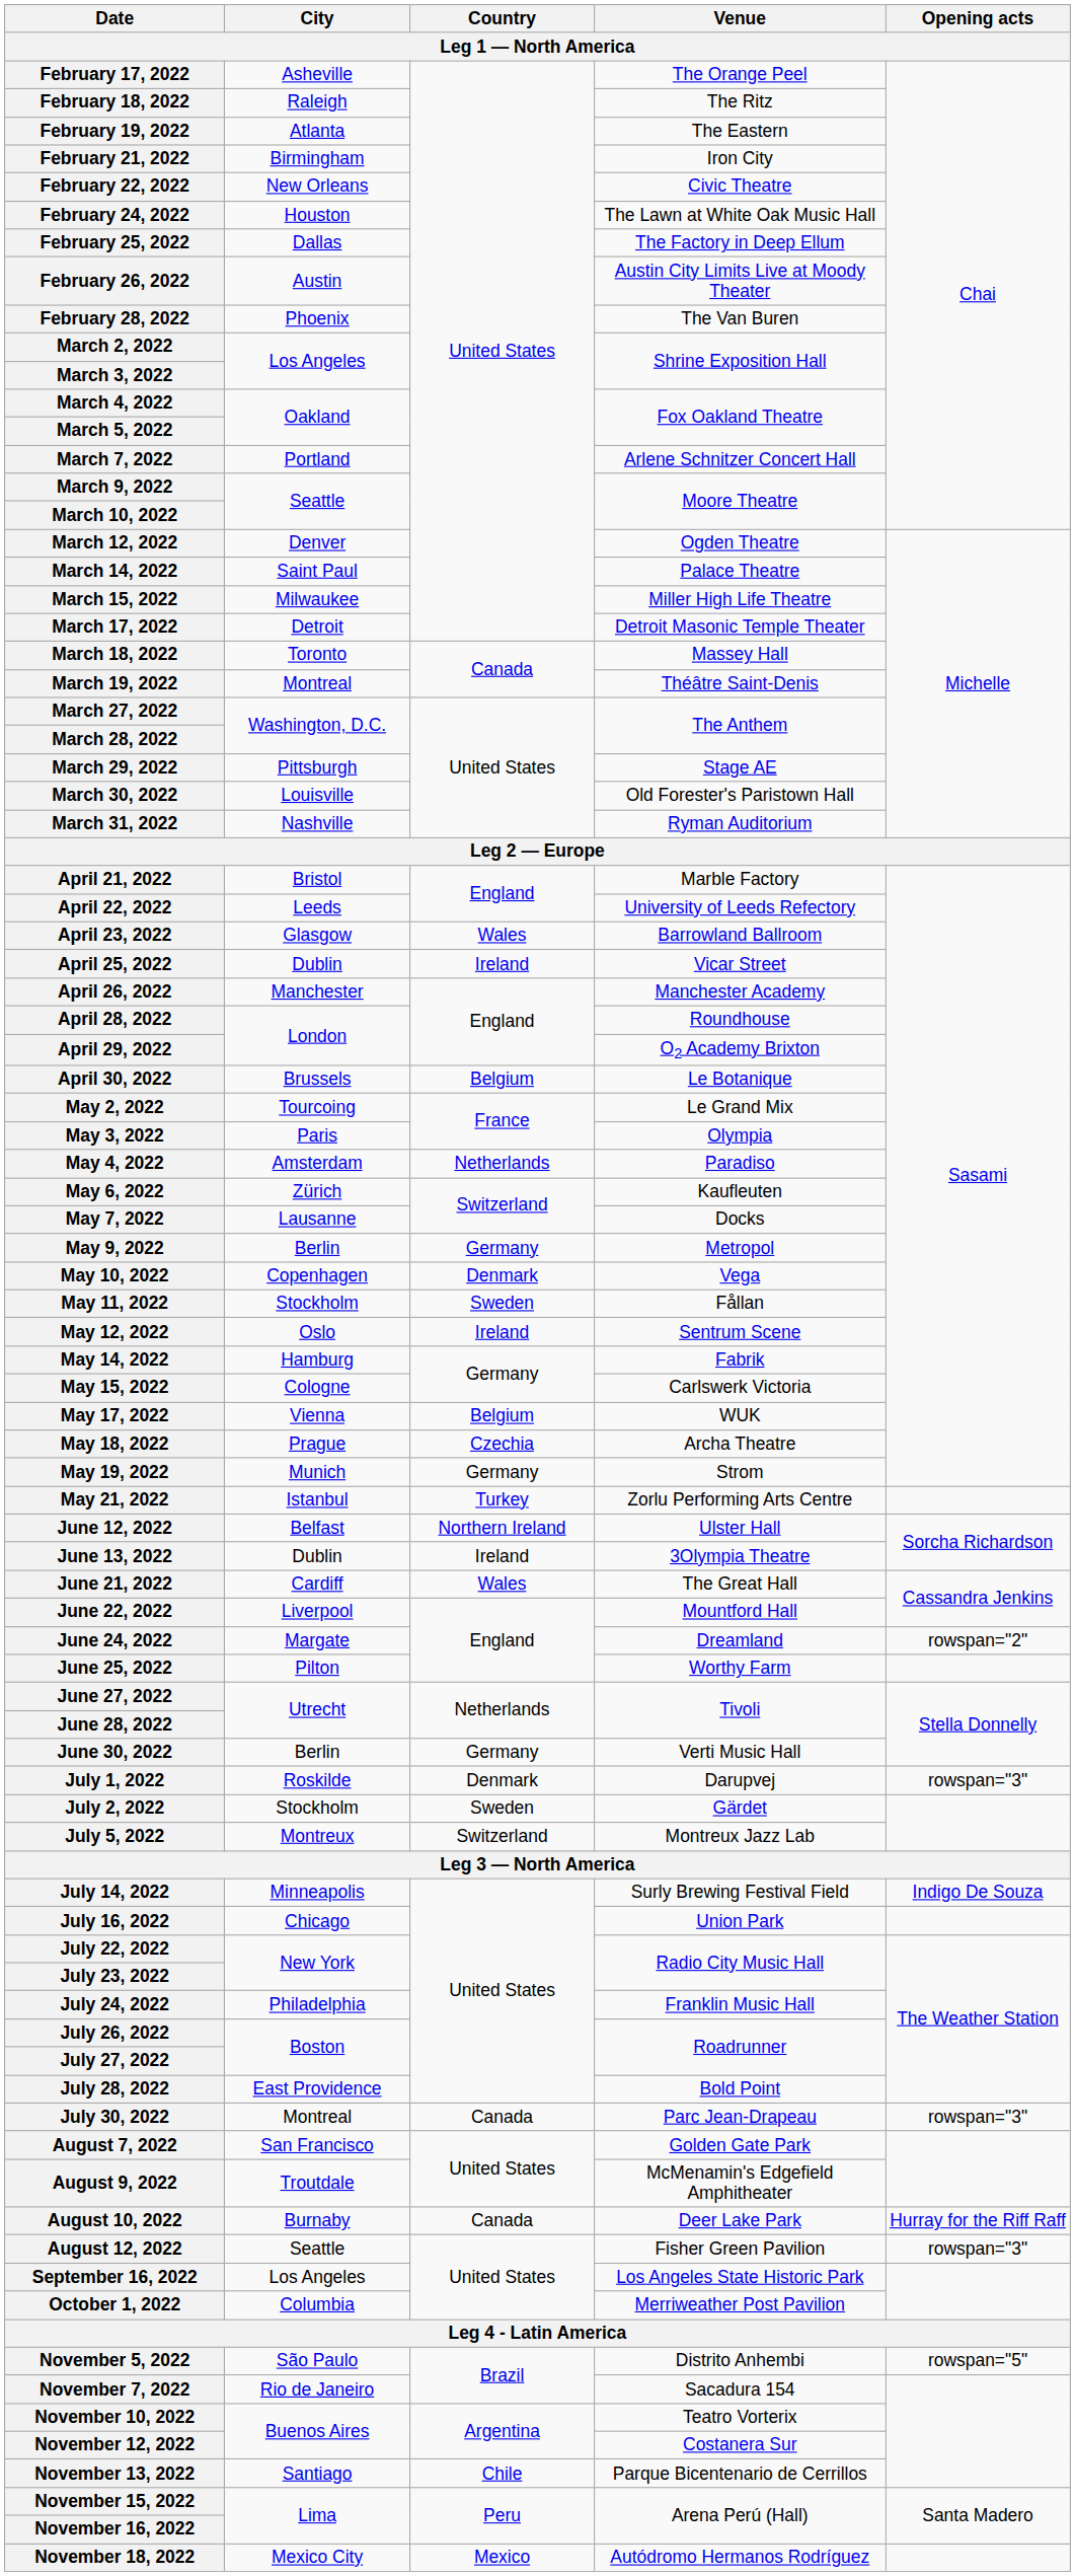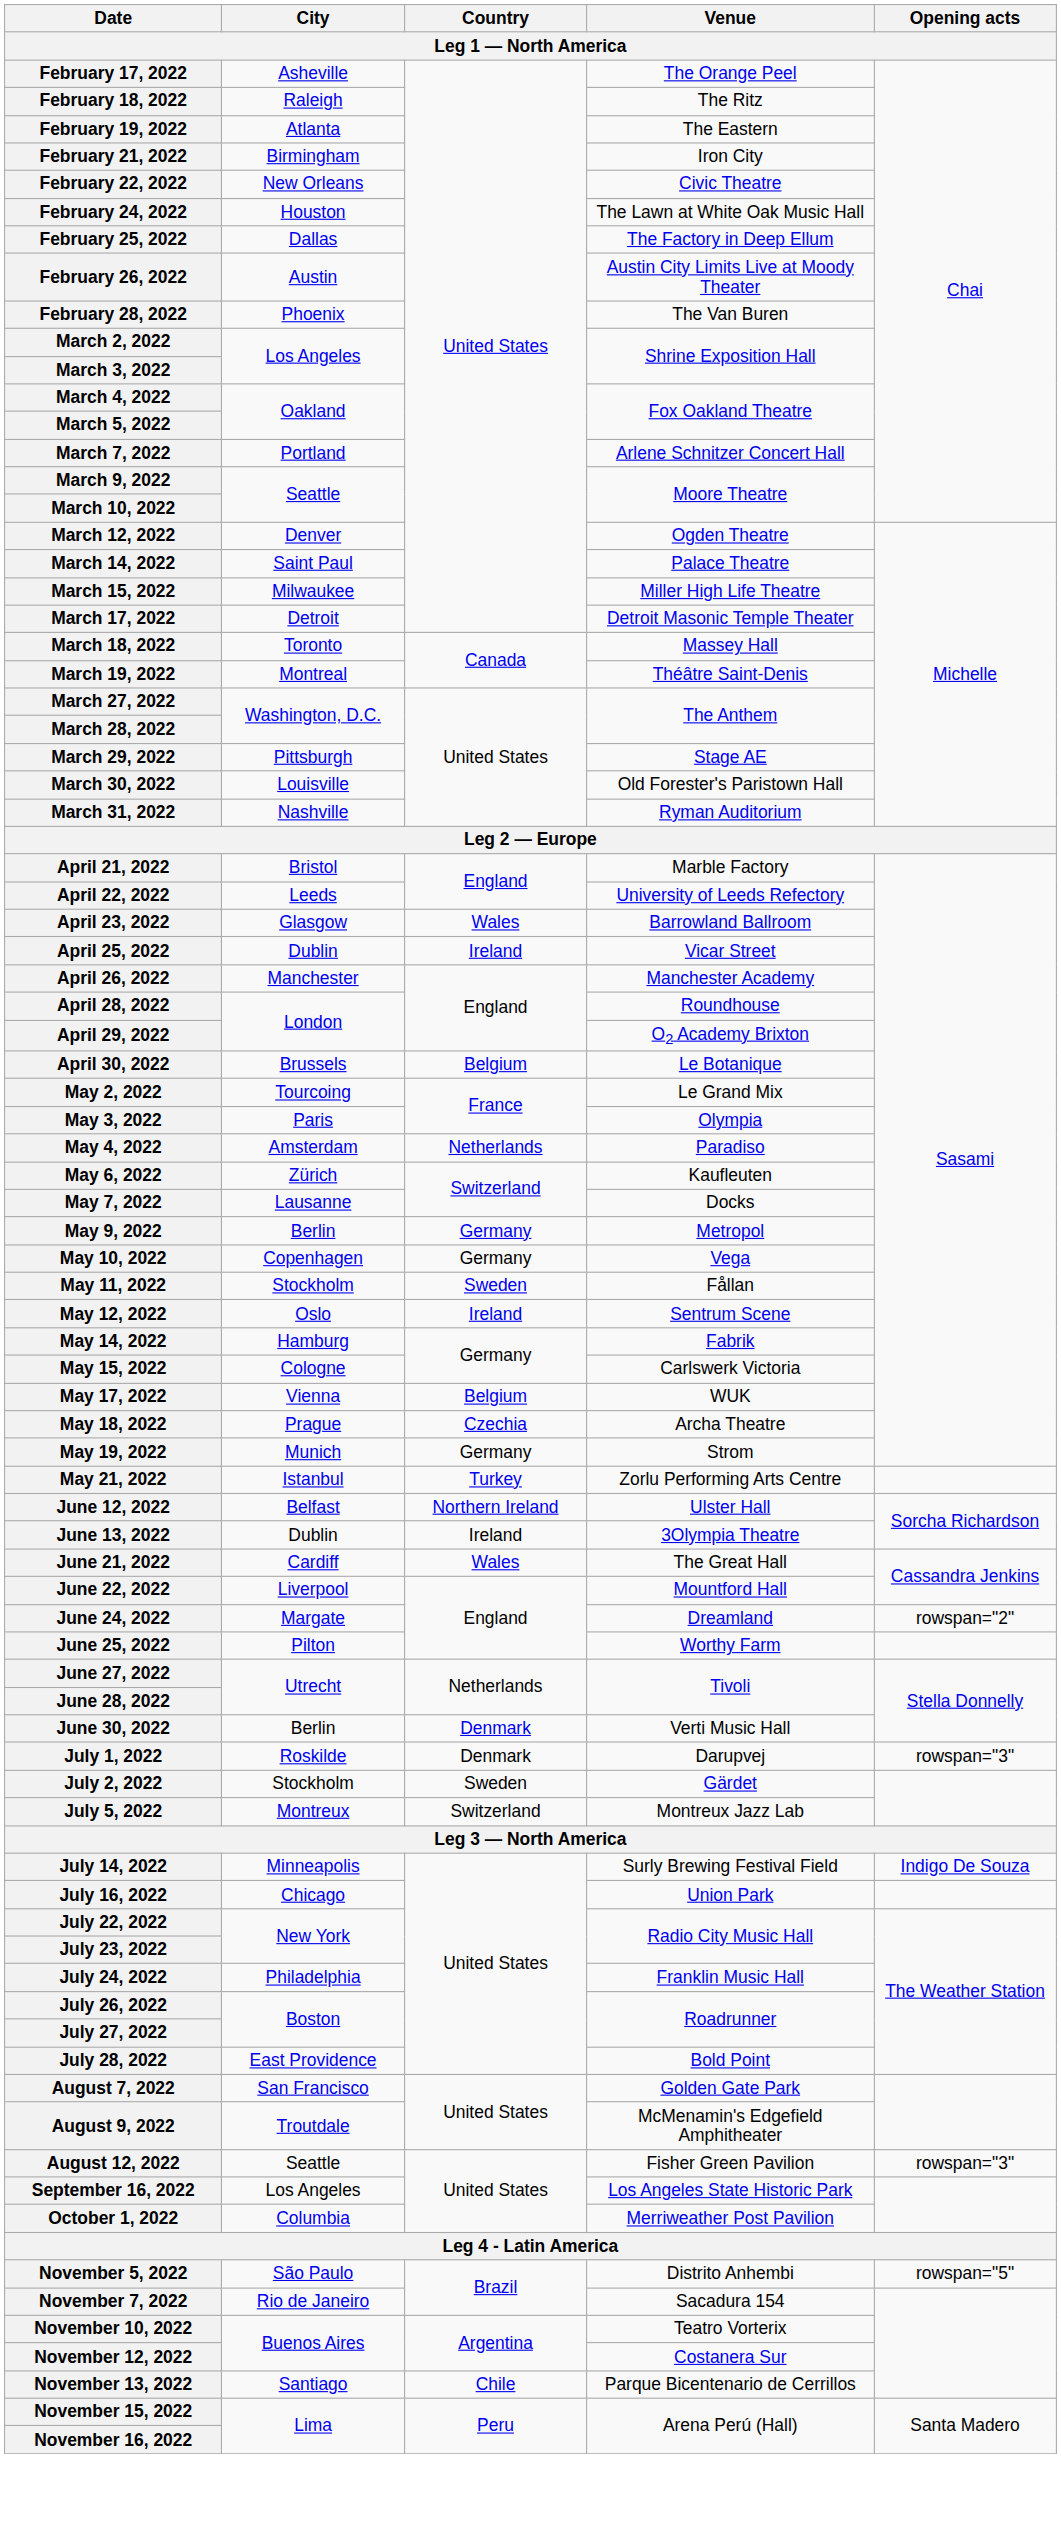 <table class="wikitable plainrowheaders" style="text-align:center;">
 <tr>
 <th scope="col" style="width:12em;">Date</th>
 <th scope="col" style="width:10em;">City</th>
 <th scope="col" style="width:10em;">Country</th>
 <th scope="col" style="width:16em;">Venue</th>
 <th scope="col" style="width:10em;">Opening acts</th>
 </tr>
 <tr>
 <th colspan="5">Leg 1 — North America</th>
 </tr>
 <tr>
 <th scope="row" style="text-align:center;">February 17, 2022</th>
 <td><a href='#'>Asheville</a></td>
 <td rowspan="20"><a href='#'>United States</a></td>
 <td><a href='#'>The Orange Peel</a></td>
 <td rowspan="16"><a href='#'>Chai</a></td>
 </tr>
 <tr>
 <th scope="row" style="text-align:center;">February 18, 2022</th>
 <td><a href='#'>Raleigh</a></td>
 <td>The Ritz</td>
 </tr>
 <tr>
 <th scope="row" style="text-align:center;">February 19, 2022</th>
 <td><a href='#'>Atlanta</a></td>
 <td>The Eastern</td>
 </tr>
 <tr>
 <th scope="row" style="text-align:center;">February 21, 2022</th>
 <td><a href='#'>Birmingham</a></td>
 <td>Iron City</td>
 </tr>
 <tr>
 <th scope="row" style="text-align:center;">February 22, 2022</th>
 <td><a href='#'>New Orleans</a></td>
 <td><a href='#'>Civic Theatre</a></td>
 </tr>
 <tr>
 <th scope="row" style="text-align:center;">February 24, 2022</th>
 <td><a href='#'>Houston</a></td>
 <td>The Lawn at White Oak Music Hall</td>
 </tr>
 <tr>
 <th scope="row" style="text-align:center;">February 25, 2022</th>
 <td><a href='#'>Dallas</a></td>
 <td><a href='#'>The Factory in Deep Ellum</a></td>
 </tr>
 <tr>
 <th scope="row" style="text-align:center;">February 26, 2022</th>
 <td><a href='#'>Austin</a></td>
 <td><a href='#'>Austin City Limits Live at Moody Theater</a></td>
 </tr>
 <tr>
 <th scope="row" style="text-align:center;">February 28, 2022</th>
 <td><a href='#'>Phoenix</a></td>
 <td>The Van Buren</td>
 </tr>
 <tr>
 <th scope="row" style="text-align:center;">March 2, 2022</th>
 <td rowspan="2"><a href='#'>Los Angeles</a></td>
 <td rowspan="2"><a href='#'>Shrine Exposition Hall</a></td>
 </tr>
 <tr>
 <th scope="row" style="text-align:center;">March 3, 2022</th>
 </tr>
 <tr>
 <th scope="row" style="text-align:center;">March 4, 2022</th>
 <td rowspan="2"><a href='#'>Oakland</a></td>
 <td rowspan="2"><a href='#'>Fox Oakland Theatre</a></td>
 </tr>
 <tr>
 <th scope="row" style="text-align:center;">March 5, 2022</th>
 </tr>
 <tr>
 <th scope="row" style="text-align:center;">March 7, 2022</th>
 <td><a href='#'>Portland</a></td>
 <td><a href='#'>Arlene Schnitzer Concert Hall</a></td>
 </tr>
 <tr>
 <th scope="row" style="text-align:center;">March 9, 2022</th>
 <td rowspan="2"><a href='#'>Seattle</a></td>
 <td rowspan="2"><a href='#'>Moore Theatre</a></td>
 </tr>
 <tr>
 <th scope="row" style="text-align:center;">March 10, 2022</th>
 </tr>
 <tr>
 <th scope="row" style="text-align:center;">March 12, 2022</th>
 <td><a href='#'>Denver</a></td>
 <td><a href='#'>Ogden Theatre</a></td>
 <td rowspan="11"><a href='#'>Michelle</a></td>
 </tr>
 <tr>
 <th scope="row" style="text-align:center;">March 14, 2022</th>
 <td><a href='#'>Saint Paul</a></td>
 <td><a href='#'>Palace Theatre</a></td>
 </tr>
 <tr>
 <th scope="row" style="text-align:center;">March 15, 2022</th>
 <td><a href='#'>Milwaukee</a></td>
 <td><a href='#'>Miller High Life Theatre</a></td>
 </tr>
 <tr>
 <th scope="row" style="text-align:center;">March 17, 2022</th>
 <td><a href='#'>Detroit</a></td>
 <td><a href='#'>Detroit Masonic Temple Theater</a></td>
 </tr>
 <tr>
 <th scope="row" style="text-align:center;">March 18, 2022</th>
 <td><a href='#'>Toronto</a></td>
 <td rowspan="2"><a href='#'>Canada</a></td>
 <td><a href='#'>Massey Hall</a></td>
 </tr>
 <tr>
 <th scope="row" style="text-align:center;">March 19, 2022</th>
 <td><a href='#'>Montreal</a></td>
 <td><a href='#'>Théâtre Saint-Denis</a></td>
 </tr>
 <tr>
 <th scope="row" style="text-align:center;">March 27, 2022</th>
 <td rowspan="2"><a href='#'>Washington, D.C.</a></td>
 <td rowspan="5">United States</td>
 <td rowspan="2"><a href='#'>The Anthem</a></td>
 </tr>
 <tr>
 <th scope="row" style="text-align:center;">March 28, 2022</th>
 </tr>
 <tr>
 <th scope="row" style="text-align:center;">March 29, 2022</th>
 <td><a href='#'>Pittsburgh</a></td>
 <td><a href='#'>Stage AE</a></td>
 </tr>
 <tr>
 <th scope="row" style="text-align:center;">March 30, 2022</th>
 <td><a href='#'>Louisville</a></td>
 <td>Old Forester's Paristown Hall</td>
 </tr>
 <tr>
 <th scope="row" style="text-align:center;">March 31, 2022</th>
 <td><a href='#'>Nashville</a></td>
 <td><a href='#'>Ryman Auditorium</a></td>
 </tr>
 <tr>
 <th colspan="5">Leg 2 — Europe</th>
 </tr>
 <tr>
 <th scope="row" style="text-align:center;">April 21, 2022</th>
 <td><a href='#'>Bristol</a></td>
 <td rowspan="2"><a href='#'>England</a></td>
 <td>Marble Factory</td>
 <td rowspan="22"><a href='#'>Sasami</a></td>
 </tr>
 <tr>
 <th scope="row" style="text-align:center;">April 22, 2022</th>
 <td><a href='#'>Leeds</a></td>
 <td><a href='#'>University of Leeds Refectory</a></td>
 </tr>
 <tr>
 <th scope="row" style="text-align:center;">April 23, 2022</th>
 <td><a href='#'>Glasgow</a></td>
 <td><a href='#'>Wales</a></td>
 <td><a href='#'>Barrowland Ballroom</a></td>
 </tr>
 <tr>
 <th scope="row" style="text-align:center;">April 25, 2022</th>
 <td><a href='#'>Dublin</a></td>
 <td><a href='#'>Ireland</a></td>
 <td><a href='#'>Vicar Street</a></td>
 </tr>
 <tr>
 <th scope="row" style="text-align:center;">April 26, 2022</th>
 <td><a href='#'>Manchester</a></td>
 <td rowspan="3">England</td>
 <td><a href='#'>Manchester Academy</a></td>
 </tr>
 <tr>
 <th scope="row" style="text-align:center;">April 28, 2022</th>
 <td rowspan="2"><a href='#'>London</a></td>
 <td><a href='#'>Roundhouse</a></td>
 </tr>
 <tr>
 <th scope="row" style="text-align:center;">April 29, 2022</th>
 <td><a href='#'>O<sub>2</sub> Academy Brixton</a></td>
 </tr>
 <tr>
 <th scope="row" style="text-align:center;">April 30, 2022</th>
 <td><a href='#'>Brussels</a></td>
 <td><a href='#'>Belgium</a></td>
 <td><a href='#'>Le Botanique</a></td>
 </tr>
 <tr>
 <th scope="row" style="text-align:center;">May 2, 2022</th>
 <td><a href='#'>Tourcoing</a></td>
 <td rowspan="2"><a href='#'>France</a></td>
 <td>Le Grand Mix</td>
 </tr>
 <tr>
 <th scope="row" style="text-align:center;">May 3, 2022</th>
 <td><a href='#'>Paris</a></td>
 <td><a href='#'>Olympia</a></td>
 </tr>
 <tr>
 <th scope="row" style="text-align:center;">May 4, 2022</th>
 <td><a href='#'>Amsterdam</a></td>
 <td><a href='#'>Netherlands</a></td>
 <td><a href='#'>Paradiso</a></td>
 </tr>
 <tr>
 <th scope="row" style="text-align:center;">May 6, 2022</th>
 <td><a href='#'>Zürich</a></td>
 <td rowspan="2"><a href='#'>Switzerland</a></td>
 <td>Kaufleuten</td>
 </tr>
 <tr>
 <th scope="row" style="text-align:center;">May 7, 2022</th>
 <td><a href='#'>Lausanne</a></td>
 <td>Docks</td>
 </tr>
 <tr>
 <th scope="row" style="text-align:center;">May 9, 2022</th>
 <td><a href='#'>Berlin</a></td>
 <td><a href='#'>Germany</a></td>
 <td><a href='#'>Metropol</a></td>
 </tr>
 <tr>
 <th scope="row" style="text-align:center;">May 10, 2022</th>
 <td><a href='#'>Copenhagen</a></td>
-<td><a href='#'>Denmark</a></td>
+<td>Germany</td>
 <td><a href='#'>Vega</a></td>
 </tr>
 <tr>
 <th scope="row" style="text-align:center;">May 11, 2022</th>
 <td><a href='#'>Stockholm</a></td>
 <td><a href='#'>Sweden</a></td>
 <td>Fållan</td>
 </tr>
 <tr>
 <th scope="row" style="text-align:center;">May 12, 2022</th>
 <td><a href='#'>Oslo</a></td>
 <td><a href='#'>Ireland</a></td>
 <td><a href='#'>Sentrum Scene</a></td>
 </tr>
 <tr>
 <th scope="row" style="text-align:center;">May 14, 2022</th>
 <td><a href='#'>Hamburg</a></td>
 <td rowspan="2">Germany</td>
 <td><a href='#'>Fabrik</a></td>
 </tr>
 <tr>
 <th scope="row" style="text-align:center;">May 15, 2022</th>
 <td><a href='#'>Cologne</a></td>
 <td>Carlswerk Victoria</td>
 </tr>
 <tr>
 <th scope="row" style="text-align:center;">May 17, 2022</th>
 <td><a href='#'>Vienna</a></td>
 <td><a href='#'>Belgium</a></td>
 <td>WUK</td>
 </tr>
 <tr>
 <th scope="row" style="text-align:center;">May 18, 2022</th>
 <td><a href='#'>Prague</a></td>
 <td><a href='#'>Czechia</a></td>
 <td>Archa Theatre</td>
 </tr>
 <tr>
 <th scope="row" style="text-align:center;">May 19, 2022</th>
 <td><a href='#'>Munich</a></td>
 <td>Germany</td>
 <td>Strom</td>
 </tr>
 <tr>
 <th scope="row" style="text-align:center;">May 21, 2022</th>
 <td><a href='#'>Istanbul</a></td>
 <td><a href='#'>Turkey</a></td>
 <td>Zorlu Performing Arts Centre</td>
 <td></td>
 </tr>
 <tr>
 <th scope="row" style="text-align:center;">June 12, 2022</th>
 <td><a href='#'>Belfast</a></td>
 <td><a href='#'>Northern Ireland</a></td>
 <td><a href='#'>Ulster Hall</a></td>
 <td rowspan="2"><a href='#'>Sorcha Richardson</a></td>
 </tr>
 <tr>
 <th scope="row" style="text-align:center;">June 13, 2022</th>
 <td>Dublin</td>
 <td>Ireland</td>
 <td><a href='#'>3Olympia Theatre</a></td>
 </tr>
 <tr>
 <th scope="row" style="text-align:center;">June 21, 2022</th>
 <td><a href='#'>Cardiff</a></td>
 <td><a href='#'>Wales</a></td>
 <td>The Great Hall</td>
 <td rowspan="2"><a href='#'>Cassandra Jenkins</a></td>
 </tr>
 <tr>
 <th scope="row" style="text-align:center;">June 22, 2022</th>
 <td><a href='#'>Liverpool</a></td>
 <td rowspan="3">England</td>
 <td><a href='#'>Mountford Hall</a></td>
 </tr>
 <tr>
 <th scope="row" style="text-align:center;">June 24, 2022</th>
 <td><a href='#'>Margate</a></td>
 <td><a href='#'>Dreamland</a></td>
 <td>rowspan="2" </td>
 </tr>
 <tr>
 <th scope="row" style="text-align:center;">June 25, 2022</th>
 <td><a href='#'>Pilton</a></td>
 <td><a href='#'>Worthy Farm</a></td>
 </tr>
 <tr>
 <th scope="row" style="text-align:center;">June 27, 2022</th>
 <td rowspan="2"><a href='#'>Utrecht</a></td>
 <td rowspan="2">Netherlands</td>
 <td rowspan="2"><a href='#'>Tivoli</a></td>
 <td rowspan="3"><a href='#'>Stella Donnelly</a></td>
 </tr>
 <tr>
 <th scope="row" style="text-align:center;">June 28, 2022</th>
 </tr>
 <tr>
 <th scope="row" style="text-align:center;">June 30, 2022</th>
 <td>Berlin</td>
-<td>Germany</td>
+<td><a href='#'>Denmark</a></td>
 <td>Verti Music Hall</td>
 </tr>
 <tr>
 <th scope="row" style="text-align:center;">July 1, 2022</th>
 <td><a href='#'>Roskilde</a></td>
 <td>Denmark</td>
 <td>Darupvej</td>
 <td>rowspan="3" </td>
 </tr>
 <tr>
 <th scope="row" style="text-align:center;">July 2, 2022</th>
 <td>Stockholm</td>
 <td>Sweden</td>
 <td><a href='#'>Gärdet</a></td>
 </tr>
 <tr>
 <th scope="row" style="text-align:center;">July 5, 2022</th>
 <td><a href='#'>Montreux</a></td>
 <td>Switzerland</td>
 <td>Montreux Jazz Lab</td>
 </tr>
 <tr>
 <th colspan="5">Leg 3 — North America</th>
 </tr>
 <tr>
 <th scope="row" style="text-align:center;">July 14, 2022</th>
 <td><a href='#'>Minneapolis</a></td>
 <td rowspan="8">United States</td>
 <td>Surly Brewing Festival Field</td>
 <td><a href='#'>Indigo De Souza</a></td>
 </tr>
 <tr>
 <th scope="row" style="text-align:center;">July 16, 2022</th>
 <td><a href='#'>Chicago</a></td>
 <td><a href='#'>Union Park</a></td>
 <td></td>
 </tr>
 <tr>
 <th scope="row" style="text-align:center;">July 22, 2022</th>
 <td rowspan="2"><a href='#'>New York</a></td>
 <td rowspan="2"><a href='#'>Radio City Music Hall</a></td>
 <td rowspan="6"><a href='#'>The Weather Station</a></td>
 </tr>
 <tr>
 <th scope="row" style="text-align:center;">July 23, 2022</th>
 </tr>
 <tr>
 <th scope="row" style="text-align:center;">July 24, 2022</th>
 <td><a href='#'>Philadelphia</a></td>
 <td><a href='#'>Franklin Music Hall</a></td>
 </tr>
 <tr>
 <th scope="row" style="text-align:center;">July 26, 2022</th>
 <td rowspan="2"><a href='#'>Boston</a></td>
 <td rowspan="2"><a href='#'>Roadrunner</a></td>
 </tr>
 <tr>
 <th scope="row" style="text-align:center;">July 27, 2022</th>
 </tr>
 <tr>
 <th scope="row" style="text-align:center;">July 28, 2022</th>
 <td><a href='#'>East Providence</a></td>
 <td><a href='#'>Bold Point</a></td>
 </tr>
 <tr>
-<th scope="row" style="text-align:center;">July 30, 2022</th>
-<td>Montreal</td>
-<td>Canada</td>
-<td><a href='#'>Parc Jean-Drapeau</a></td>
-<td>rowspan="3" </td>
-</tr>
-<tr>
 <th scope="row" style="text-align:center;">August 7, 2022</th>
 <td><a href='#'>San Francisco</a></td>
 <td rowspan="2">United States</td>
 <td><a href='#'>Golden Gate Park</a></td>
 </tr>
 <tr>
 <th scope="row" style="text-align:center;">August 9, 2022</th>
 <td><a href='#'>Troutdale</a></td>
 <td>McMenamin's Edgefield Amphitheater</td>
-</tr>
-<tr>
-<th scope="row" style="text-align:center;">August 10, 2022</th>
-<td><a href='#'>Burnaby</a></td>
-<td>Canada</td>
-<td><a href='#'>Deer Lake Park</a></td>
-<td><a href='#'>Hurray for the Riff Raff</a></td>
 </tr>
 <tr>
 <th scope="row" style="text-align:center;">August 12, 2022</th>
 <td>Seattle</td>
 <td rowspan="3">United States</td>
 <td>Fisher Green Pavilion</td>
 <td>rowspan="3" </td>
 </tr>
 <tr>
 <th scope="row" style="text-align:center;">September 16, 2022</th>
 <td>Los Angeles</td>
 <td><a href='#'>Los Angeles State Historic Park</a></td>
 </tr>
 <tr>
 <th scope="row" style="text-align:center;">October 1, 2022</th>
 <td><a href='#'>Columbia</a></td>
 <td><a href='#'>Merriweather Post Pavilion</a></td>
 </tr>
 <tr>
 <th colspan="5">Leg 4 - Latin America</th>
 </tr>
 <tr>
 <th scope="row" style="text-align:center;">November 5, 2022</th>
 <td><a href='#'>São Paulo</a></td>
 <td rowspan="2"><a href='#'>Brazil</a></td>
 <td>Distrito Anhembi</td>
 <td>rowspan="5" </td>
 </tr>
 <tr>
 <th scope="row" style="text-align:center;">November 7, 2022</th>
 <td><a href='#'>Rio de Janeiro</a></td>
 <td>Sacadura 154</td>
 </tr>
 <tr>
 <th scope="row" style="text-align:center;">November 10, 2022</th>
 <td rowspan="2"><a href='#'>Buenos Aires</a></td>
 <td rowspan="2"><a href='#'>Argentina</a></td>
 <td>Teatro Vorterix</td>
 </tr>
 <tr>
 <th scope="row" style="text-align:center;">November 12, 2022</th>
 <td><a href='#'>Costanera Sur</a></td>
 </tr>
 <tr>
 <th scope="row" style="text-align:center;">November 13, 2022</th>
 <td><a href='#'>Santiago</a></td>
 <td><a href='#'>Chile</a></td>
 <td>Parque Bicentenario de Cerrillos</td>
 </tr>
 <tr>
 <th scope="row" style="text-align:center;">November 15, 2022</th>
 <td rowspan="2"><a href='#'>Lima</a></td>
 <td rowspan="2"><a href='#'>Peru</a></td>
 <td rowspan="2">Arena Perú (Hall)</td>
 <td rowspan="2">Santa Madero</td>
 </tr>
 <tr>
 <th scope="row" style="text-align:center;">November 16, 2022</th>
 </tr>
-<tr>
-<th scope="row" style="text-align:center;">November 18, 2022</th>
-<td><a href='#'>Mexico City</a></td>
-<td><a href='#'>Mexico</a></td>
-<td><a href='#'>Autódromo Hermanos Rodríguez</a></td>
-<td></td>
-</tr>
 </table>
